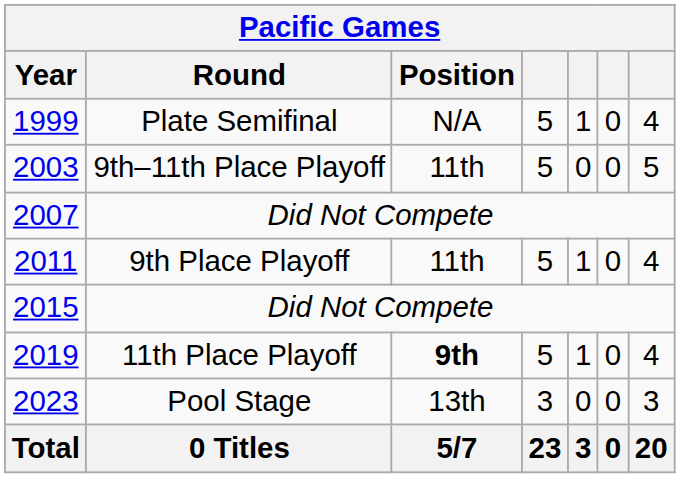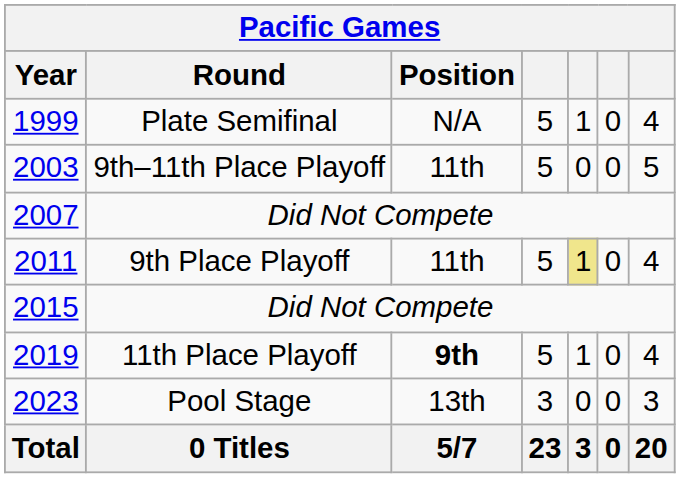 <table class="wikitable" style="text-align: center;">
 <tr>
 <th colspan="7"><a href='#'>Pacific Games</a></th>
 </tr>
 <tr>
 <th>Year</th>
 <th>Round</th>
 <th>Position</th>
 <th></th>
 <th></th>
 <th></th>
 <th></th>
 </tr>
 <tr>
 <td> <a href='#'>1999</a></td>
 <td>Plate Semifinal</td>
 <td>N/A</td>
 <td>5</td>
 <td>1</td>
 <td>0</td>
 <td>4</td>
 </tr>
 <tr>
 <td> <a href='#'>2003</a></td>
 <td>9th–11th Place Playoff</td>
 <td>11th</td>
 <td>5</td>
 <td>0</td>
 <td>0</td>
 <td>5</td>
 </tr>
 <tr>
 <td> <a href='#'>2007</a></td>
 <td colspan="6"><em>Did Not Compete</em></td>
 </tr>
 <tr>
 <td> <a href='#'>2011</a></td>
 <td>9th Place Playoff</td>
 <td>11th</td>
 <td>5</td>
-<td>1</td>
+<td style="background: khaki;">1</td>
 <td>0</td>
 <td>4</td>
 </tr>
 <tr>
 <td> <a href='#'>2015</a></td>
 <td colspan="6"><em>Did Not Compete</em></td>
 </tr>
 <tr>
 <td> <a href='#'>2019</a></td>
 <td>11th Place Playoff</td>
 <td><strong>9th</strong></td>
 <td>5</td>
 <td>1</td>
 <td>0</td>
 <td>4</td>
 </tr>
 <tr>
 <td> <a href='#'>2023</a></td>
 <td>Pool Stage</td>
 <td>13th</td>
 <td>3</td>
 <td>0</td>
 <td>0</td>
 <td>3</td>
 </tr>
 <tr>
 <th>Total</th>
 <th>0 Titles</th>
 <th>5/7</th>
 <th>23</th>
 <th>3</th>
 <th>0</th>
 <th>20</th>
 </tr>
 </table>
